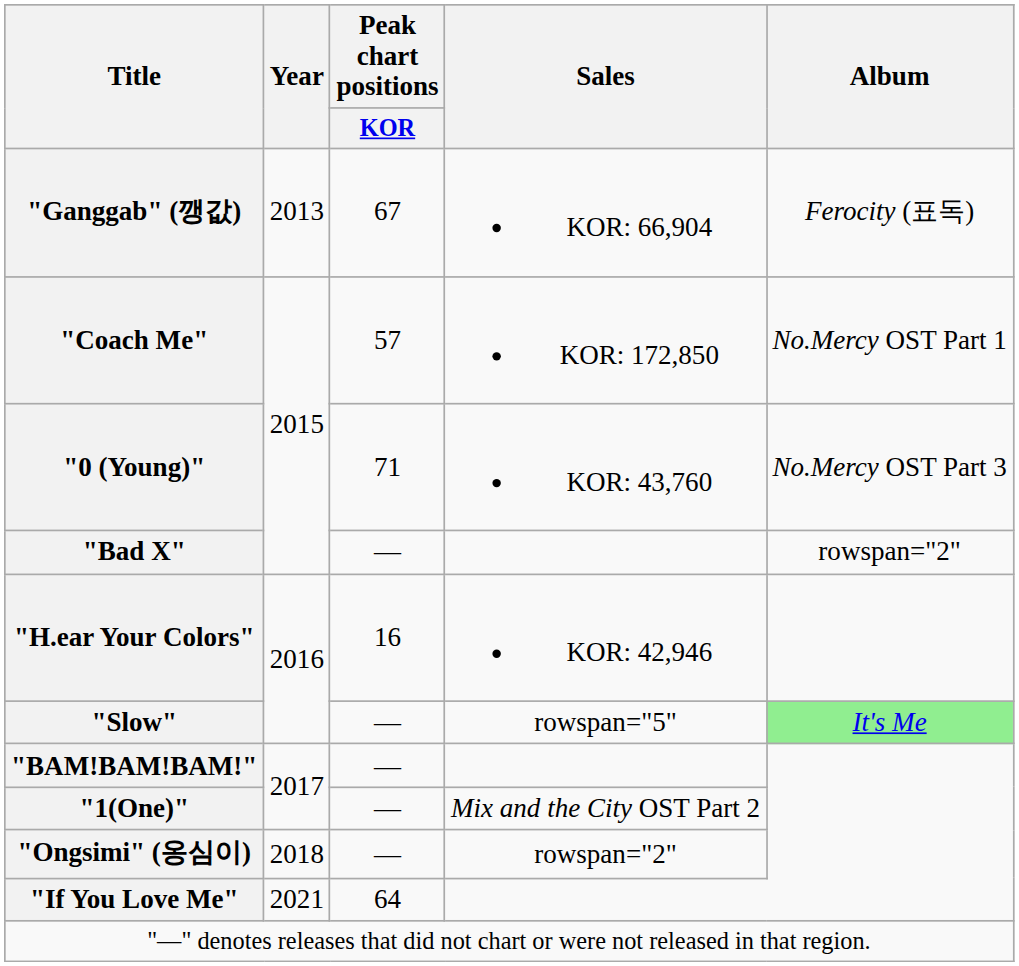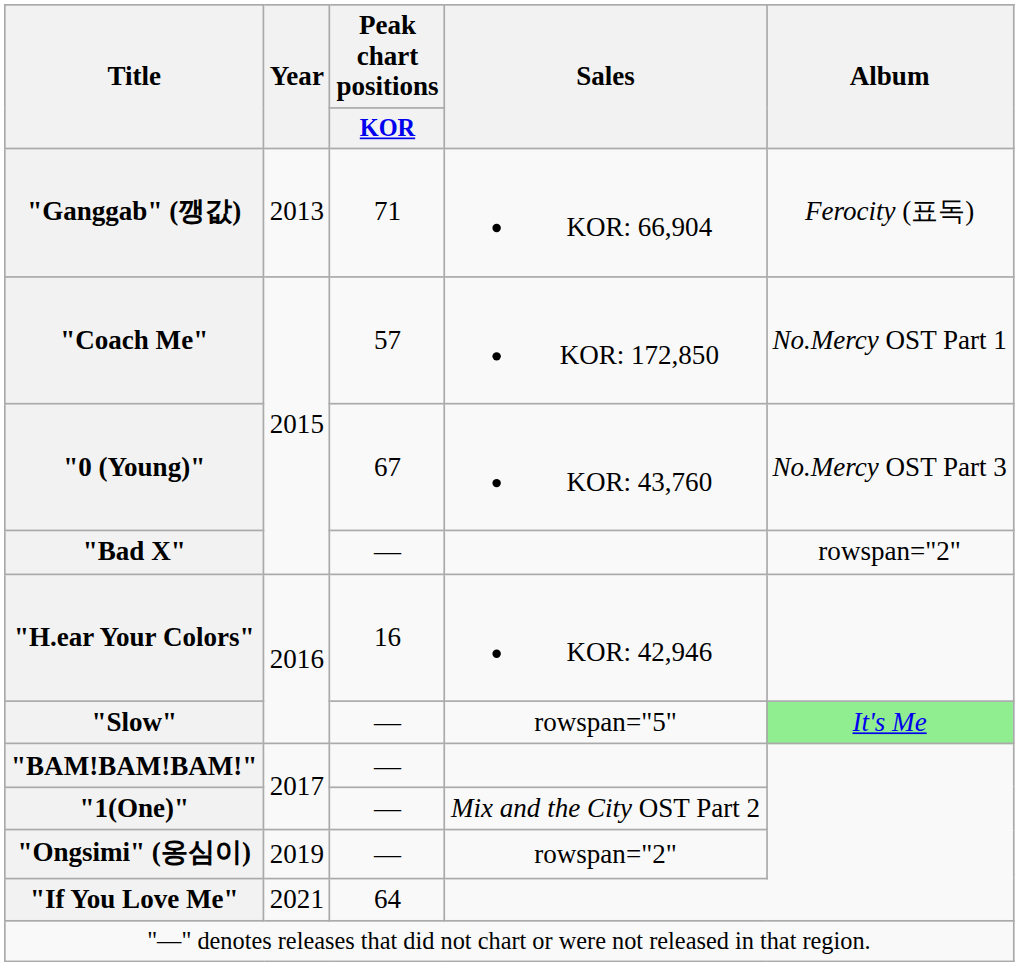 <table class="wikitable plainrowheaders" style="text-align:center;">
 <tr>
 <th scope="col" rowspan="2">Title</th>
 <th scope="col" rowspan="2">Year</th>
 <th scope="col" colspan="1">Peak chart positions</th>
 <th scope="col" rowspan="2">Sales</th>
 <th scope="col" rowspan="2">Album</th>
 </tr>
 <tr>
 <th style="width:3em;font-size:90%"><a href='#'>KOR</a><br></th>
 </tr>
 <tr>
 <th scope="row">"Ganggab" (깽값) <br></th>
 <td>2013</td>
-<td>67</td>
+<td>71</td>
 <td><br><ul><li>KOR: 66,904</li></ul></td>
 <td><em>Ferocity</em> (표독)</td>
 </tr>
 <tr>
 <th scope="row">"Coach Me" <br></th>
 <td rowspan="3">2015</td>
 <td>57</td>
 <td><br><ul><li>KOR: 172,850</li></ul></td>
 <td><em>No.Mercy</em> OST Part 1</td>
 </tr>
 <tr>
 <th scope="row">"0 (Young)" <br></th>
-<td>71</td>
+<td>67</td>
 <td><br><ul><li>KOR: 43,760</li></ul></td>
 <td><em>No.Mercy</em> OST Part 3</td>
 </tr>
 <tr>
 <th scope="row">"Bad X" <br></th>
 <td>—</td>
 <td></td>
 <td>rowspan="2" </td>
 </tr>
 <tr>
 <th scope="row">"H.ear Your Colors" <br></th>
 <td rowspan="2">2016</td>
 <td>16</td>
 <td><br><ul><li>KOR: 42,946</li></ul></td>
 </tr>
 <tr>
 <th scope="row">"Slow" <br></th>
 <td>—</td>
 <td>rowspan="5" </td>
 <td style="background: lightgreen;"><em><a href='#'>It's Me</a></em></td>
 </tr>
 <tr>
 <th scope="row">"BAM!BAM!BAM!" <br></th>
 <td rowspan="2">2017</td>
 <td>—</td>
 <td></td>
 </tr>
 <tr>
 <th scope="row">"1(One)" <br></th>
 <td>—</td>
 <td><em>Mix and the City</em> OST Part 2</td>
 </tr>
 <tr>
 <th scope="row">"Ongsimi" (옹심이) <br></th>
-<td>2018</td>
+<td>2019</td>
 <td>—</td>
 <td>rowspan="2" </td>
 </tr>
 <tr>
 <th scope="row">"If You Love Me" <br></th>
 <td>2021</td>
 <td>64</td>
 </tr>
 <tr>
 <td colspan="5" style="font-size:90%">"—" denotes releases that did not chart or were not released in that region.</td>
 </tr>
 </table>
